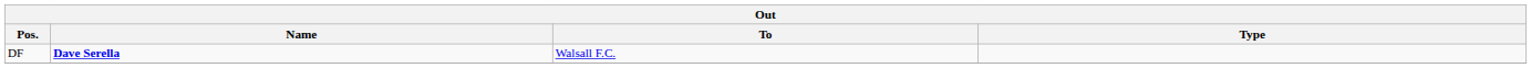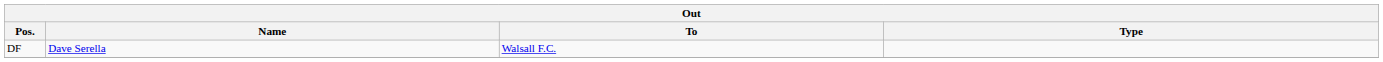 <table class="wikitable" style="font-size:100%;width:99%;">
 <tr>
 <th colspan="4">Out</th>
 </tr>
 <tr>
 <th width=3%>Pos.</th>
 <th width=33%>Name</th>
 <th width=28%>To</th>
 <th width=36%>Type</th>
 </tr>
 <tr>
 <td>DF</td>
-<td><strong><a href='#'>Dave Serella</a></strong></td>
+<td><a href='#'>Dave Serella</a></td>
 <td><a href='#'>Walsall F.C.</a></td>
 <td></td>
 </tr>
 <tr>
 </tr>
 </table>
